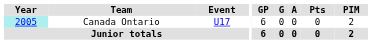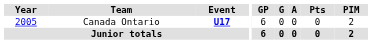 <table border="0" cellpadding="1" cellspacing="0" ID="Table3" style="text-align:center; width:40em">
 <tr ALIGN="center" bgcolor="#e0e0e0">
 <th>Year</th>
 <th>Team</th>
 <th>Event</th>
 <th rowspan="99" bgcolor="#ffffff"></th>
 <th>GP</th>
 <th>G</th>
 <th>A</th>
 <th>Pts</th>
 <th>PIM</th>
 </tr>
 <tr>
-<td style="background: paleturquoise;"><a href='#'>2005</a></td>
+<td><a href='#'>2005</a></td>
 <td>Canada Ontario</td>
-<td><a href='#'>U17</a></td>
+<td><strong><a href='#'>U17</a></strong></td>
 <td>6</td>
 <td>0</td>
 <td>0</td>
 <td>0</td>
 <td>2</td>
 </tr>
 <tr bgcolor="#e0e0e0">
 <th colspan="3">Junior totals</th>
 <th>6</th>
 <th>0</th>
 <th>0</th>
 <th>0</th>
 <th>2</th>
 </tr>
 </table>
